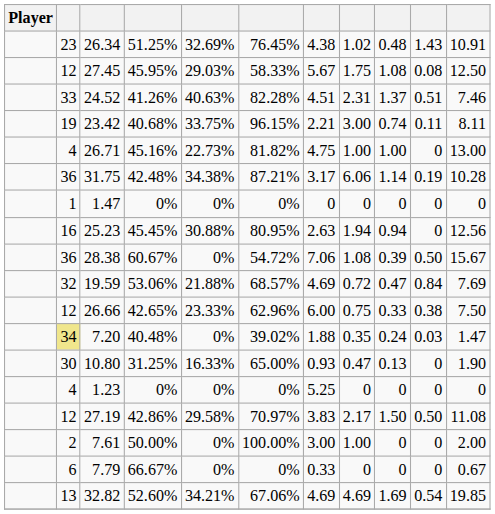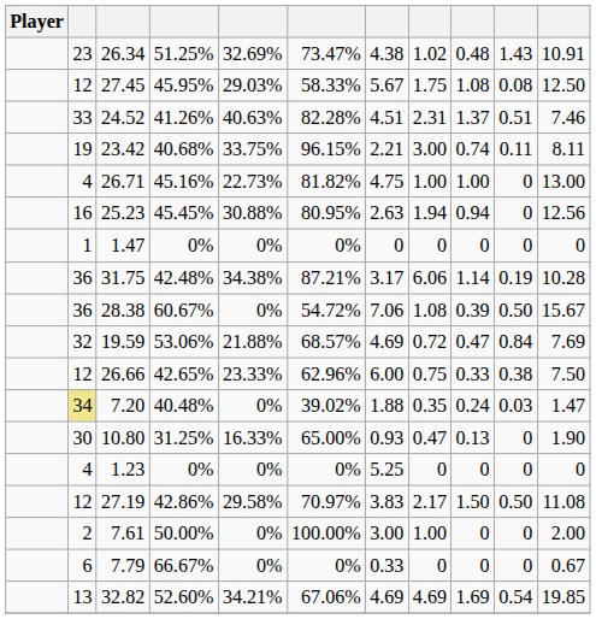 <table class="wikitable sortable" style="font-size:95%; text-align:right;">
 <tr>
 <th>Player</th>
 <th></th>
 <th></th>
 <th></th>
 <th></th>
 <th></th>
 <th></th>
 <th></th>
 <th></th>
 <th></th>
 <th></th>
 </tr>
 <tr>
 <td></td>
 <td>23</td>
 <td>26.34</td>
 <td>51.25%</td>
 <td>32.69%</td>
-<td>76.45%</td>
+<td>73.47%</td>
 <td>4.38</td>
 <td>1.02</td>
 <td>0.48</td>
 <td>1.43</td>
 <td>10.91</td>
 </tr>
 <tr>
 <td></td>
 <td>12</td>
 <td>27.45</td>
 <td>45.95%</td>
 <td>29.03%</td>
 <td>58.33%</td>
 <td>5.67</td>
 <td>1.75</td>
 <td>1.08</td>
 <td>0.08</td>
 <td>12.50</td>
 </tr>
 <tr>
 <td></td>
 <td>33</td>
 <td>24.52</td>
 <td>41.26%</td>
 <td>40.63%</td>
 <td>82.28%</td>
 <td>4.51</td>
 <td>2.31</td>
 <td>1.37</td>
 <td>0.51</td>
 <td>7.46</td>
 </tr>
 <tr>
 <td></td>
 <td>19</td>
 <td>23.42</td>
 <td>40.68%</td>
 <td>33.75%</td>
 <td>96.15%</td>
 <td>2.21</td>
 <td>3.00</td>
 <td>0.74</td>
 <td>0.11</td>
 <td>8.11</td>
 </tr>
 <tr>
 <td></td>
 <td>4</td>
 <td>26.71</td>
 <td>45.16%</td>
 <td>22.73%</td>
 <td>81.82%</td>
 <td>4.75</td>
 <td>1.00</td>
 <td>1.00</td>
 <td>0</td>
 <td>13.00</td>
 </tr>
 <tr>
 <td></td>
-<td>36</td>
-<td>31.75</td>
-<td>42.48%</td>
-<td>34.38%</td>
-<td>87.21%</td>
-<td>3.17</td>
-<td>6.06</td>
-<td>1.14</td>
-<td>0.19</td>
-<td>10.28</td>
+<td>16</td>
+<td>25.23</td>
+<td>45.45%</td>
+<td>30.88%</td>
+<td>80.95%</td>
+<td>2.63</td>
+<td>1.94</td>
+<td>0.94</td>
+<td>0</td>
+<td>12.56</td>
 </tr>
 <tr>
 <td></td>
 <td>1</td>
 <td>1.47</td>
 <td>0%</td>
 <td>0%</td>
 <td>0%</td>
 <td>0</td>
 <td>0</td>
 <td>0</td>
 <td>0</td>
 <td>0</td>
 </tr>
 <tr>
 <td></td>
-<td>16</td>
-<td>25.23</td>
-<td>45.45%</td>
-<td>30.88%</td>
-<td>80.95%</td>
-<td>2.63</td>
-<td>1.94</td>
-<td>0.94</td>
-<td>0</td>
-<td>12.56</td>
+<td>36</td>
+<td>31.75</td>
+<td>42.48%</td>
+<td>34.38%</td>
+<td>87.21%</td>
+<td>3.17</td>
+<td>6.06</td>
+<td>1.14</td>
+<td>0.19</td>
+<td>10.28</td>
 </tr>
 <tr>
 <td></td>
 <td>36</td>
 <td>28.38</td>
 <td>60.67%</td>
 <td>0%</td>
 <td>54.72%</td>
 <td>7.06</td>
 <td>1.08</td>
 <td>0.39</td>
 <td>0.50</td>
 <td>15.67</td>
 </tr>
 <tr>
 <td></td>
 <td>32</td>
 <td>19.59</td>
 <td>53.06%</td>
 <td>21.88%</td>
 <td>68.57%</td>
 <td>4.69</td>
 <td>0.72</td>
 <td>0.47</td>
 <td>0.84</td>
 <td>7.69</td>
 </tr>
 <tr>
 <td></td>
 <td>12</td>
 <td>26.66</td>
 <td>42.65%</td>
 <td>23.33%</td>
 <td>62.96%</td>
 <td>6.00</td>
 <td>0.75</td>
 <td>0.33</td>
 <td>0.38</td>
 <td>7.50</td>
 </tr>
 <tr>
 <td></td>
 <td style="background: khaki;">34</td>
 <td>7.20</td>
 <td>40.48%</td>
 <td>0%</td>
 <td>39.02%</td>
 <td>1.88</td>
 <td>0.35</td>
 <td>0.24</td>
 <td>0.03</td>
 <td>1.47</td>
 </tr>
 <tr>
 <td></td>
 <td>30</td>
 <td>10.80</td>
 <td>31.25%</td>
 <td>16.33%</td>
 <td>65.00%</td>
 <td>0.93</td>
 <td>0.47</td>
 <td>0.13</td>
 <td>0</td>
 <td>1.90</td>
 </tr>
 <tr>
 <td></td>
 <td>4</td>
 <td>1.23</td>
 <td>0%</td>
 <td>0%</td>
 <td>0%</td>
 <td>5.25</td>
 <td>0</td>
 <td>0</td>
 <td>0</td>
 <td>0</td>
 </tr>
 <tr>
 <td></td>
 <td>12</td>
 <td>27.19</td>
 <td>42.86%</td>
 <td>29.58%</td>
 <td>70.97%</td>
 <td>3.83</td>
 <td>2.17</td>
 <td>1.50</td>
 <td>0.50</td>
 <td>11.08</td>
 </tr>
 <tr>
 <td></td>
 <td>2</td>
 <td>7.61</td>
 <td>50.00%</td>
 <td>0%</td>
 <td>100.00%</td>
 <td>3.00</td>
 <td>1.00</td>
 <td>0</td>
 <td>0</td>
 <td>2.00</td>
 </tr>
 <tr>
 <td></td>
 <td>6</td>
 <td>7.79</td>
 <td>66.67%</td>
 <td>0%</td>
 <td>0%</td>
 <td>0.33</td>
 <td>0</td>
 <td>0</td>
 <td>0</td>
 <td>0.67</td>
 </tr>
 <tr>
 <td></td>
 <td>13</td>
 <td>32.82</td>
 <td>52.60%</td>
 <td>34.21%</td>
 <td>67.06%</td>
 <td>4.69</td>
 <td>4.69</td>
 <td>1.69</td>
 <td>0.54</td>
 <td>19.85</td>
 </tr>
 <tr>
 </tr>
 </table>
